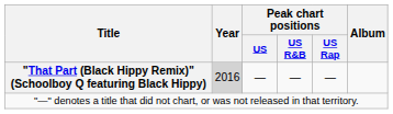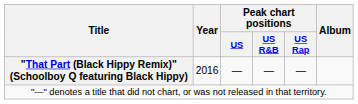 <table class="wikitable plainrowheaders" style="text-align:center;" border="1">
 <tr>
 <th scope="col" rowspan="2" style="width:18em;">Title</th>
 <th scope="col" rowspan="2">Year</th>
 <th scope="col" colspan="3">Peak chart positions</th>
 <th scope="col" rowspan="2">Album</th>
 </tr>
 <tr>
 <th scope="col" style="width:3em;font-size:90%;"><a href='#'>US</a></th>
 <th scope="col" style="width:3em;font-size:90%;"><a href='#'>US<br>R&B</a></th>
 <th scope="col" style="width:3em;font-size:90%;"><a href='#'>US<br>Rap</a></th>
 </tr>
 <tr>
 <th scope="row">"<a href='#'>That Part</a> (Black Hippy Remix)"<br><span>(Schoolboy Q featuring Black Hippy)</span></th>
-<td rowspan="1" style="background: lightgrey;">2016</td>
+<td rowspan="1">2016</td>
 <td>—</td>
 <td>—</td>
 <td>—</td>
 <td></td>
 </tr>
 <tr>
 <td colspan="6" style="font-size:90%">"—" denotes a title that did not chart, or was not released in that territory.</td>
 </tr>
 </table>
